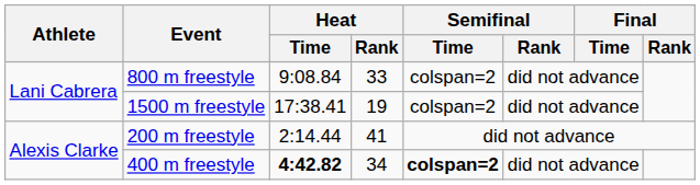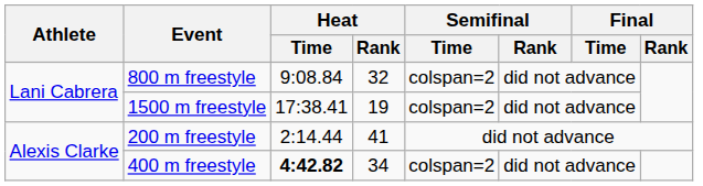 <table class=wikitable style="font-size:90%">
 <tr>
 <th rowspan="2">Athlete</th>
 <th rowspan="2">Event</th>
 <th colspan="2">Heat</th>
 <th colspan="2">Semifinal</th>
 <th colspan="2">Final</th>
 </tr>
 <tr style="font-size:95%">
 <th>Time</th>
 <th>Rank</th>
 <th>Time</th>
 <th>Rank</th>
 <th>Time</th>
 <th>Rank</th>
 </tr>
 <tr align=center>
 <td align=left rowspan=2><a href='#'>Lani Cabrera</a></td>
 <td align=left><a href='#'>800 m freestyle</a></td>
 <td>9:08.84</td>
-<td>33</td>
+<td>32</td>
 <td>colspan=2 </td>
 <td colspan=2>did not advance</td>
 </tr>
 <tr align=center>
 <td align=left><a href='#'>1500 m freestyle</a></td>
 <td>17:38.41</td>
 <td>19</td>
 <td>colspan=2 </td>
 <td colspan=2>did not advance</td>
 </tr>
 <tr align=center>
 <td align=left rowspan=2><a href='#'>Alexis Clarke</a></td>
 <td align=left><a href='#'>200 m freestyle</a></td>
 <td>2:14.44</td>
 <td>41</td>
 <td colspan=4>did not advance</td>
 </tr>
 <tr align=center>
 <td align=left><a href='#'>400 m freestyle</a></td>
 <td><strong>4:42.82</strong></td>
 <td>34</td>
-<td><strong>colspan=2 </strong></td>
+<td>colspan=2 </td>
 <td colspan=2>did not advance</td>
 </tr>
 </table>
